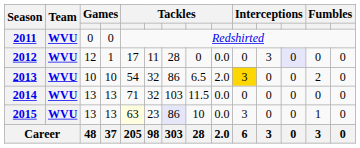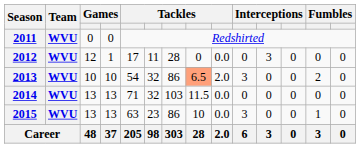 <table class= "wikitable" style="text-align:center;">
 <tr>
 <th rowspan="2">Season</th>
 <th rowspan="2">Team</th>
 <th colspan="2">Games</th>
 <th colspan="5">Tackles</th>
 <th colspan="3">Interceptions</th>
 <th colspan="2">Fumbles</th>
 </tr>
 <tr>
 <th></th>
 <th></th>
 <th></th>
 <th></th>
 <th></th>
 <th></th>
 <th></th>
 <th></th>
 <th></th>
 <th></th>
 <th></th>
 <th></th>
 </tr>
 <tr>
 <th><a href='#'>2011</a></th>
 <th><a href='#'>WVU</a></th>
 <td>0</td>
 <td>0</td>
 <td colspan="10"><em><a href='#'>Redshirted</a></em></td>
 </tr>
 <tr>
 <th><a href='#'>2012</a></th>
 <th><a href='#'>WVU</a></th>
 <td>12</td>
 <td>1</td>
 <td>17</td>
 <td>11</td>
 <td>28</td>
 <td>0</td>
 <td>0.0</td>
 <td>0</td>
 <td>3</td>
-<td style="background: lavender;">0</td>
+<td>0</td>
 <td>0</td>
 <td>0</td>
 </tr>
 <tr>
 <th><a href='#'>2013</a></th>
 <th><a href='#'>WVU</a></th>
 <td>10</td>
 <td>10</td>
 <td>54</td>
 <td>32</td>
 <td>86</td>
-<td>6.5</td>
+<td style="background: lightsalmon;">6.5</td>
 <td>2.0</td>
-<td style="background: gold;">3</td>
+<td>3</td>
 <td>0</td>
 <td>0</td>
 <td>2</td>
 <td>0</td>
 </tr>
 <tr>
 <th><a href='#'>2014</a></th>
 <th><a href='#'>WVU</a></th>
 <td>13</td>
 <td>13</td>
 <td>71</td>
 <td>32</td>
 <td>103</td>
 <td>11.5</td>
 <td>0.0</td>
 <td>0</td>
 <td>0</td>
 <td>0</td>
 <td>0</td>
 <td>0</td>
 </tr>
 <tr>
 <th><a href='#'>2015</a></th>
 <th><a href='#'>WVU</a></th>
 <td>13</td>
 <td>13</td>
-<td style="background: lightyellow;">63</td>
+<td>63</td>
 <td>23</td>
-<td style="background: lavender;">86</td>
+<td>86</td>
 <td>10</td>
 <td>0.0</td>
 <td>3</td>
 <td>0</td>
 <td>0</td>
 <td>1</td>
 <td>0</td>
 </tr>
 <tr>
 <th colspan="2">Career</th>
 <th>48</th>
 <th>37</th>
 <th>205</th>
 <th>98</th>
 <th>303</th>
 <th>28</th>
 <th>2.0</th>
 <th>6</th>
 <th>3</th>
 <th>0</th>
 <th>3</th>
 <th>0</th>
 </tr>
 </table>
